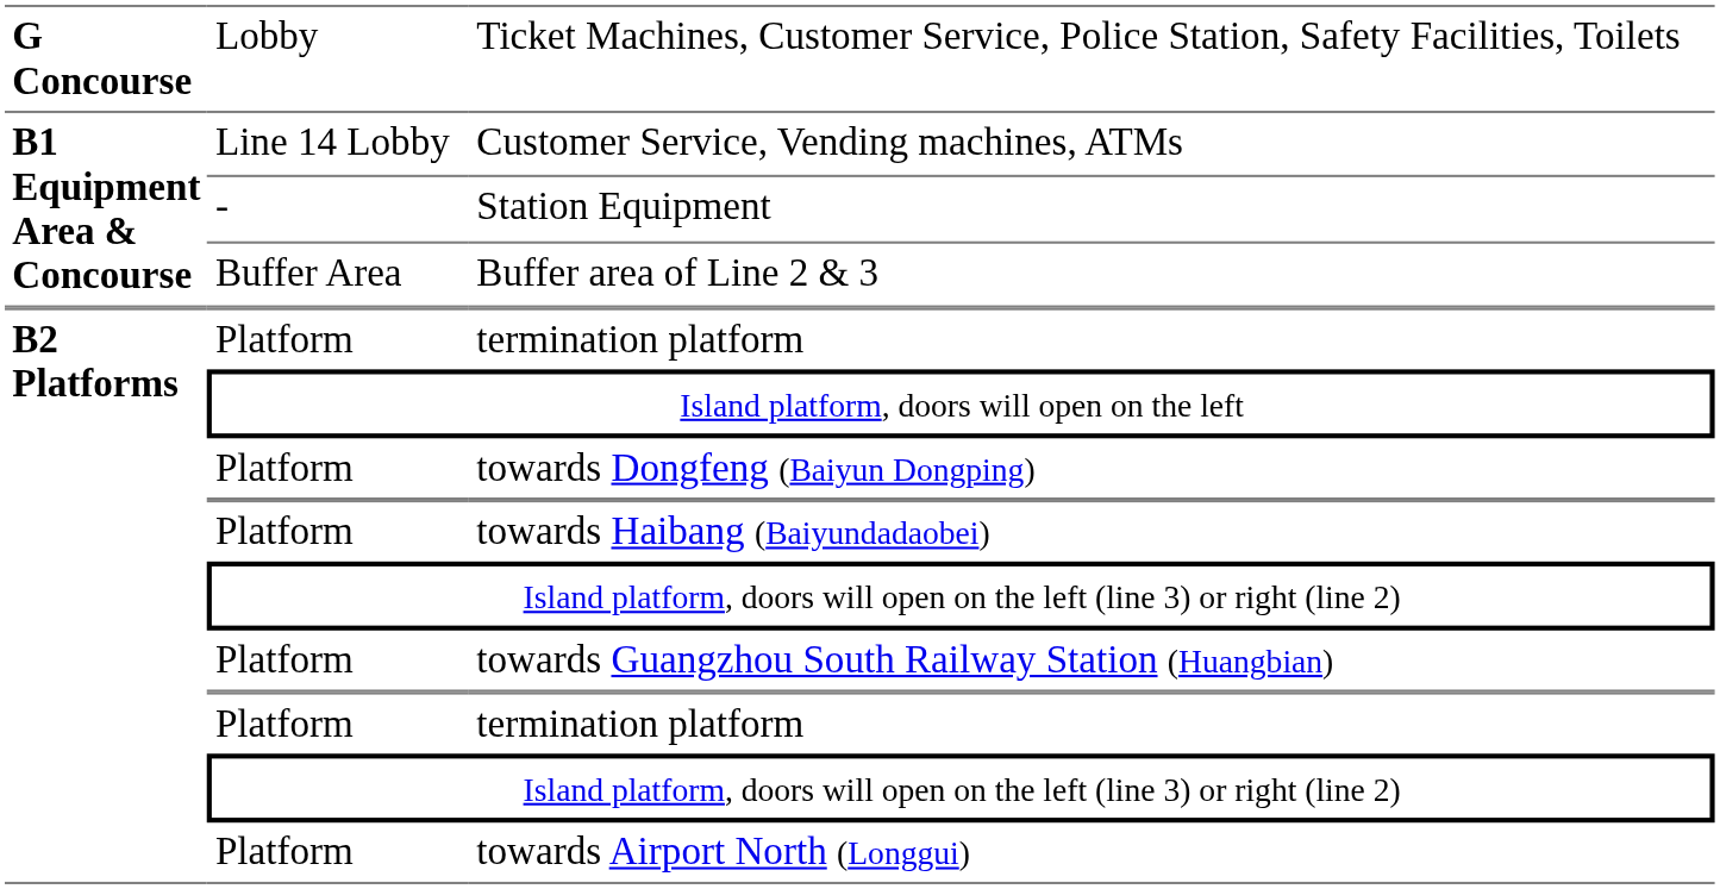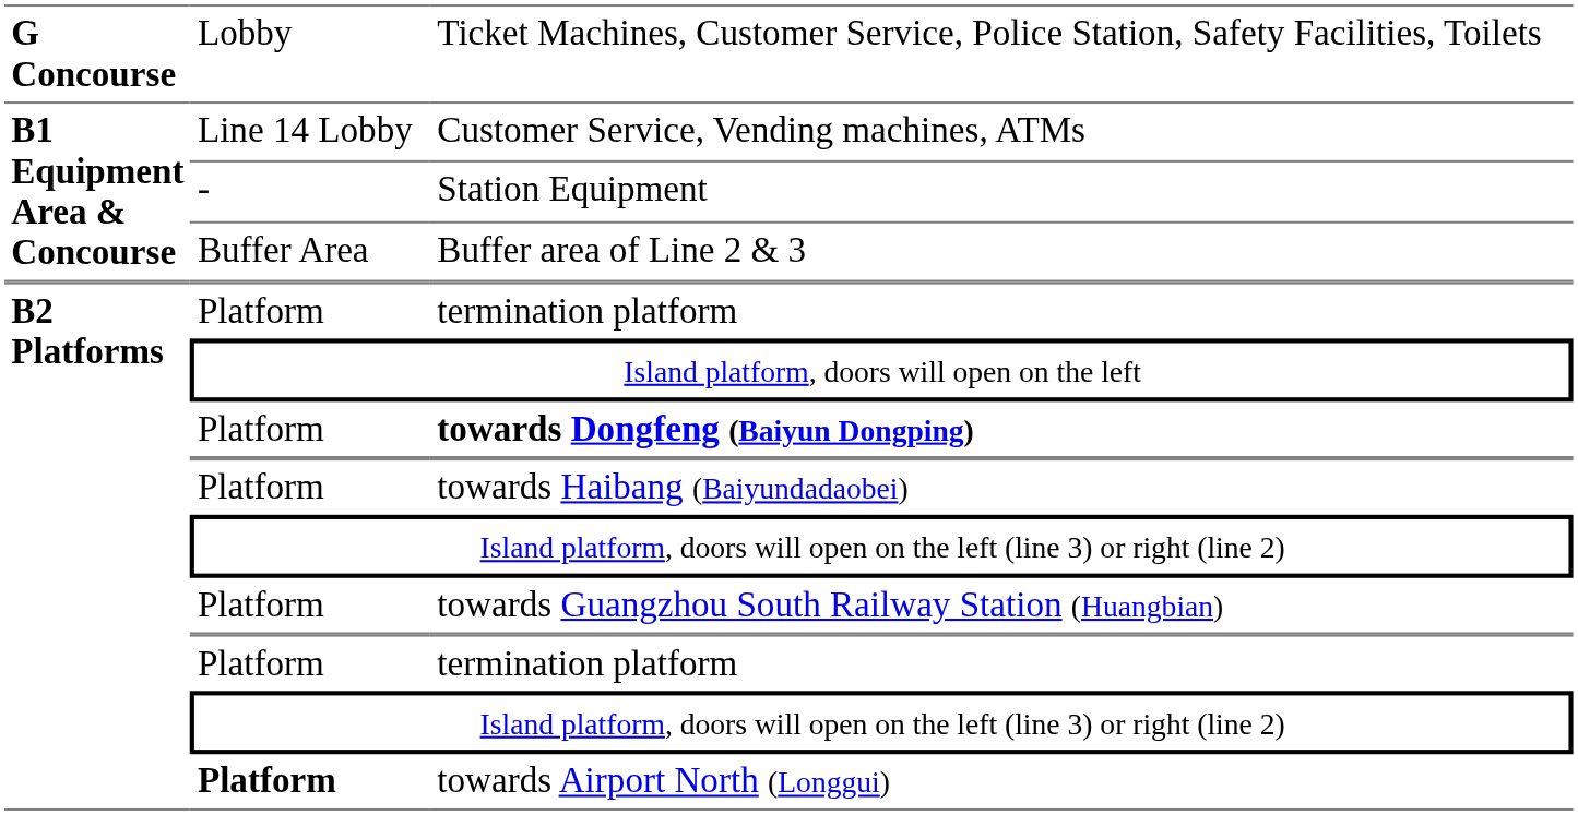 <table table border=0 cellspacing=0 cellpadding=3>
 <tr>
 <td style="border-bottom:solid 1px gray; border-top:solid 1px gray;" valign=top width=50><strong>G<br>Concourse</strong></td>
 <td style="border-bottom:solid 1px gray; border-top:solid 1px gray;" valign=top width=100>Lobby</td>
 <td style="border-bottom:solid 1px gray; border-top:solid 1px gray;" valign=top width=500>Ticket Machines, Customer Service, Police Station, Safety Facilities, Toilets</td>
 </tr>
 <tr>
 <td style="border-bottom:solid 1px gray;" valign=top width=50 rowspan=3><strong>B1<br>Equipment Area & Concourse</strong></td>
 <td style="border-bottom:solid 1px gray;" valign=top width=100>Line 14 Lobby</td>
 <td style="border-bottom:solid 1px gray;" valign=top width=500>Customer Service, Vending machines, ATMs</td>
 </tr>
 <tr>
 <td style="border-bottom:solid 1px gray;" valign=top width=100>-</td>
 <td style="border-bottom:solid 1px gray;" valign=top width=500>Station Equipment</td>
 </tr>
 <tr>
 <td style="border-bottom:solid 1px gray;" valign=top width=100>Buffer Area</td>
 <td style="border-bottom:solid 1px gray;" valign=top width=500>Buffer area of Line 2 & 3</td>
 </tr>
 <tr>
 <td rowspan="9" style="border-top:solid 1px gray;border-bottom:solid 1px gray;" valign="top"><strong>B2<br>Platforms</strong></td>
 <td style="border-top:solid 1px gray;" width=100>Platform </td>
 <td style="border-top:solid 1px gray;" width=390><span></span>  termination platform</td>
 </tr>
 <tr>
 <td style="border-top:solid 2px black;border-right:solid 2px black;border-left:solid 2px black;border-bottom:solid 2px black;text-align:center;" colspan=2><small><a href='#'>Island platform</a>, doors will open on the left</small></td>
 </tr>
 <tr>
 <td style="border-bottom:solid 1px gray;">Platform </td>
-<td style="border-bottom:solid 1px gray;"><span></span>  towards <a href='#'>Dongfeng</a> <small>(<a href='#'>Baiyun Dongping</a>)</small> </td>
+<td style="border-bottom:solid 1px gray;"><strong><span></span>  towards <a href='#'>Dongfeng</a> <small>(<a href='#'>Baiyun Dongping</a>)</small> </strong></td>
 </tr>
 <tr>
 <td style="border-top:solid 1px gray;" width=100>Platform </td>
 <td style="border-top:solid 1px gray;" width=390>  towards <a href='#'>Haibang</a> <small>(<a href='#'>Baiyundadaobei</a>)</small></td>
 </tr>
 <tr>
 <td style="border-top:solid 2px black;border-right:solid 2px black;border-left:solid 2px black;border-bottom:solid 2px black;text-align:center;" colspan=2><small><a href='#'>Island platform</a>, doors will open on the left (line 3) or right (line 2)</small></td>
 </tr>
 <tr>
 <td style="border-bottom:solid 1px gray;">Platform </td>
 <td style="border-bottom:solid 1px gray;">  towards  <a href='#'>Guangzhou South Railway Station</a> <small>(<a href='#'>Huangbian</a>)</small></td>
 </tr>
 <tr>
 <td style="border-top:solid 1px gray;" width=100>Platform </td>
 <td style="border-top:solid 1px gray;" width=390><span></span>  termination platform</td>
 </tr>
 <tr>
 <td style="border-top:solid 2px black;border-right:solid 2px black;border-left:solid 2px black;border-bottom:solid 2px black;text-align:center;" colspan=2><small><a href='#'>Island platform</a>, doors will open on the left (line 3) or right (line 2)</small></td>
 </tr>
 <tr>
-<td style="border-bottom:solid 1px gray;">Platform </td>
+<td style="border-bottom:solid 1px gray;"><strong>Platform </strong></td>
 <td style="border-bottom:solid 1px gray;"><span></span>  towards <a href='#'>Airport North</a> <small>(<a href='#'>Longgui</a>)</small> </td>
 </tr>
 </table>
